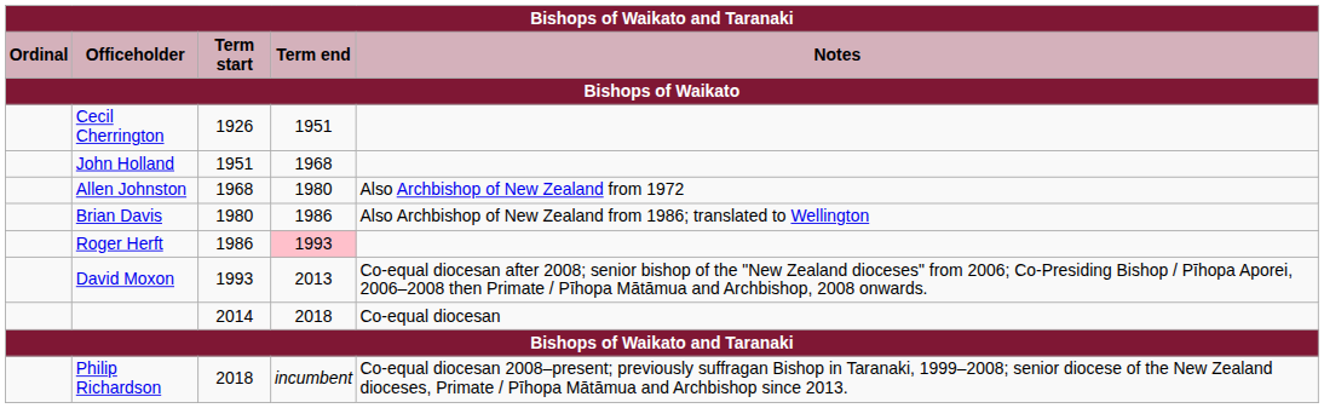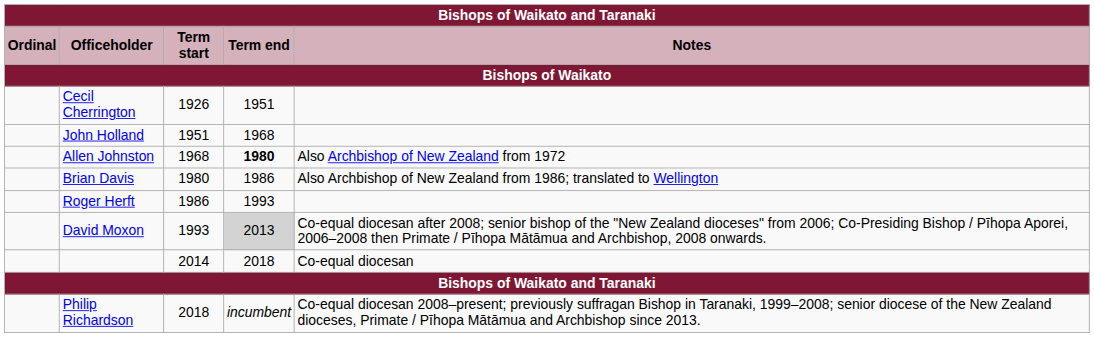 <table class="wikitable sortable">
 <tr>
 <th colspan="6" style="background-color: #7F1734; color: white;">Bishops of Waikato and Taranaki</th>
 </tr>
 <tr>
 <th style="background-color: #D4B1BB;">Ordinal</th>
 <th style="background-color: #D4B1BB;">Officeholder</th>
 <th style="background-color: #D4B1BB;">Term start</th>
 <th style="background-color: #D4B1BB;">Term end</th>
 <th style="background-color: #D4B1BB;">Notes</th>
 </tr>
 <tr valign="top" style="background-color: white;">
 </tr>
 <tr>
 <th colspan="6" style="background-color: #7F1734; color: white;">Bishops of Waikato</th>
 </tr>
 <tr>
 <td align=center></td>
 <td><a href='#'>Cecil Cherrington</a></td>
 <td align=center>1926</td>
 <td align=center>1951</td>
 <td></td>
 </tr>
 <tr>
 <td align=center></td>
 <td><a href='#'>John Holland</a></td>
 <td align=center>1951</td>
 <td align=center>1968</td>
 <td></td>
 </tr>
 <tr>
 <td align=center></td>
 <td><a href='#'>Allen Johnston</a></td>
 <td align=center>1968</td>
-<td align=center>1980</td>
+<td align=center><strong>1980</strong></td>
 <td>Also <a href='#'>Archbishop of New&nbsp;Zealand</a> from 1972</td>
 </tr>
 <tr>
 <td align=center></td>
 <td><a href='#'>Brian Davis</a></td>
 <td align=center>1980</td>
 <td align=center>1986</td>
 <td>Also Archbishop of New Zealand from 1986; translated to <a href='#'>Wellington</a></td>
 </tr>
 <tr>
 <td align=center></td>
 <td><a href='#'>Roger Herft</a></td>
 <td align=center>1986</td>
-<td align=center style="background: pink;">1993</td>
+<td align=center>1993</td>
 <td></td>
 </tr>
 <tr>
 <td align=center></td>
 <td><a href='#'>David Moxon</a></td>
 <td align=center>1993</td>
-<td align=center>2013</td>
+<td align=center style="background: lightgrey;">2013</td>
 <td>Co-equal diocesan after 2008; senior bishop of the "New Zealand dioceses" from 2006; Co-Presiding Bishop / Pīhopa Aporei, 2006–2008 then Primate / Pīhopa Mātāmua and Archbishop, 2008 onwards.</td>
 </tr>
 <tr>
 <td align=center></td>
 <td></td>
 <td align=center>2014</td>
 <td align=center>2018</td>
 <td>Co-equal diocesan</td>
 </tr>
 <tr>
 <th colspan="6" style="background-color: #7F1734; color: white;">Bishops of Waikato and Taranaki</th>
 </tr>
 <tr>
 <td align=center></td>
 <td><a href='#'>Philip Richardson</a></td>
 <td align=center>2018</td>
 <td align=center><em>incumbent</em></td>
 <td>Co-equal diocesan 2008–present; previously suffragan Bishop in Taranaki, 1999–2008; senior diocese of the New Zealand dioceses, Primate / Pīhopa Mātāmua and Archbishop since 2013.</td>
 </tr>
 </table>
